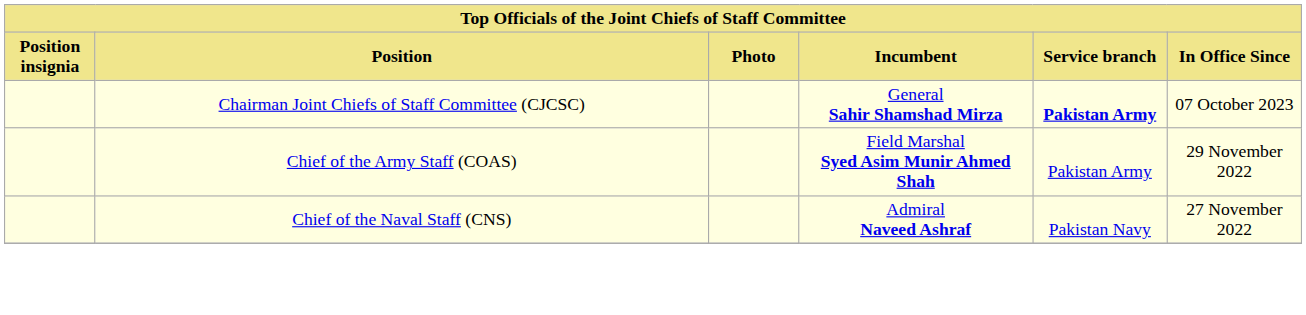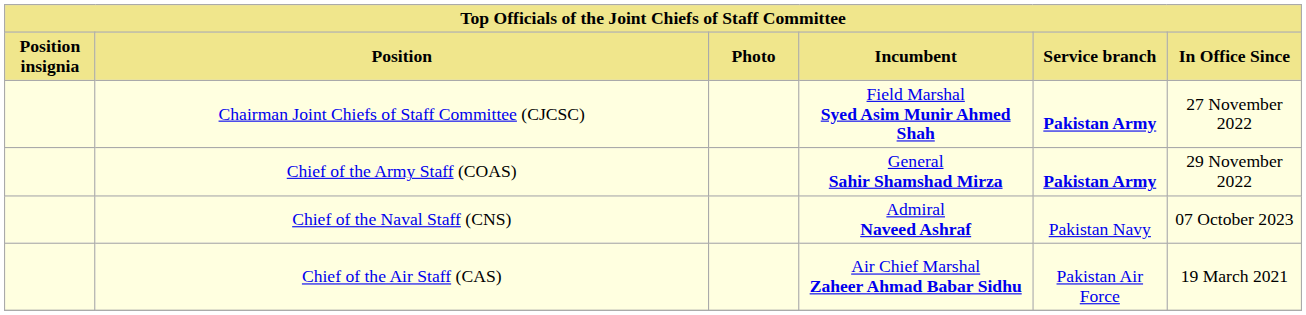 <table class=wikitable>
 <tr>
 <th colspan="6" style="background:#F0E68C;">Top Officials of the Joint Chiefs of Staff Committee</th>
 </tr>
 <tr>
 <th width="75" align="center" style="background:#F0E68C;">Position insignia</th>
 <th width="550" align="center" style="background:#F0E68C;">Position</th>
 <th width="75" align="center" style="background:#F0E68C;">Photo</th>
 <th width="205" align="center" style="background:#F0E68C;">Incumbent</th>
 <th width="115" align="center" style="background:#F0E68C;">Service branch</th>
 <th width="115" align="center" style="background:#F0E68C;">In Office Since</th>
 </tr>
 <tr>
 <td align="center" style="background:#FFFFE0"></td>
 <td align="center" style="background:#FFFFE0"><a href='#'>Chairman Joint Chiefs of Staff Committee</a>  (CJCSC)</td>
 <td style="background:#FFFFE0"></td>
-<td align="center" style="background:#FFFFE0"><a href='#'>General</a> <br><strong><a href='#'>Sahir Shamshad Mirza</a></strong><br></td>
+<td align="center" style="background:#FFFFE0"><a href='#'>Field Marshal</a> <br><strong><a href='#'>Syed Asim Munir Ahmed Shah</a></strong><br></td>
 <td align="center" style="background:#FFFFE0"><strong><br><a href='#'>Pakistan Army</a></strong></td>
-<td align="center" style="background:#FFFFE0">07 October 2023</td>
+<td align="center" style="background:#FFFFE0">27 November 2022</td>
 </tr>
 <tr>
 <td align="center" style="background:#FFFFE0"></td>
 <td align="center" style="background:#FFFFE0"><a href='#'>Chief of the Army Staff</a> (COAS)</td>
 <td style="background:#FFFFE0"></td>
-<td align="center" style="background:#FFFFE0"><a href='#'>Field Marshal</a> <br><strong><a href='#'>Syed Asim Munir Ahmed Shah</a></strong><br></td>
-<td align="center" style="background:#FFFFE0"><br><a href='#'>Pakistan Army</a></td>
+<td align="center" style="background:#FFFFE0"><a href='#'>General</a> <br><strong><a href='#'>Sahir Shamshad Mirza</a></strong><br></td>
+<td align="center" style="background:#FFFFE0"><strong><br><a href='#'>Pakistan Army</a></strong></td>
 <td align="center" style="background:#FFFFE0">29 November 2022</td>
 </tr>
 <tr>
 <td align="center" style="background:#FFFFE0"></td>
 <td align="center" style="background:#FFFFE0"><a href='#'>Chief of the Naval Staff</a> (CNS)</td>
 <td style="background:#FFFFE0"></td>
 <td align="center" style="background:#FFFFE0"><a href='#'>Admiral</a> <br><strong><a href='#'>Naveed Ashraf</a></strong><br></td>
 <td align="center" style="background:#FFFFE0"><br><a href='#'>Pakistan Navy</a></td>
-<td align="center" style="background:#FFFFE0">27 November 2022</td>
+<td align="center" style="background:#FFFFE0">07 October 2023</td>
+</tr>
+<tr>
+<td align="center" style="background:#FFFFE0"></td>
+<td align="center" style="background:#FFFFE0"><a href='#'>Chief of the Air Staff</a> (CAS)</td>
+<td style="background:#FFFFE0"></td>
+<td align="center" style="background:#FFFFE0"><a href='#'>Air Chief Marshal</a> <br><strong><a href='#'>Zaheer Ahmad Babar Sidhu</a></strong><br></td>
+<td align="center" style="background:#FFFFE0"><br><a href='#'>Pakistan Air Force</a></td>
+<td align="center" style="background:#FFFFE0">19 March 2021</td>
 </tr>
 <tr>
 </tr>
 </table>
